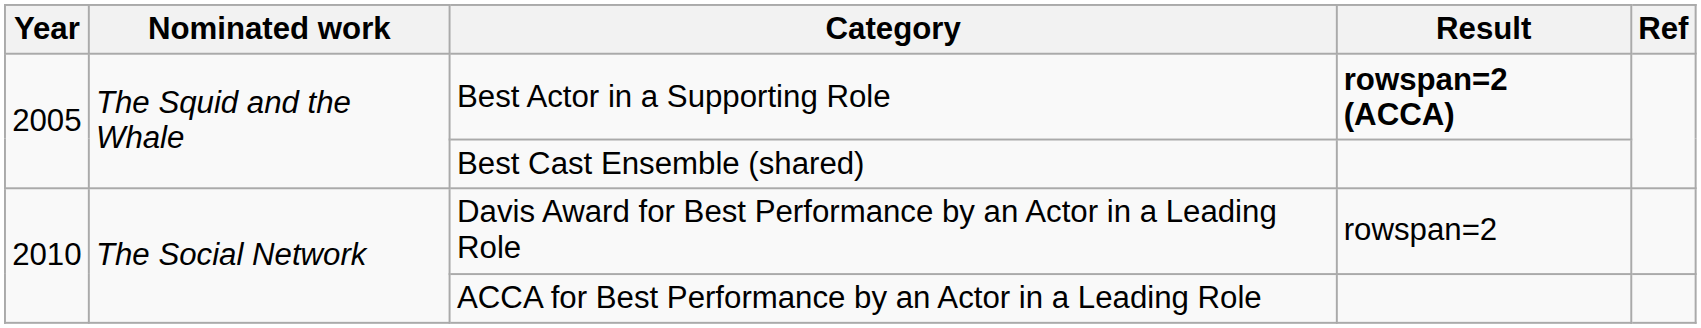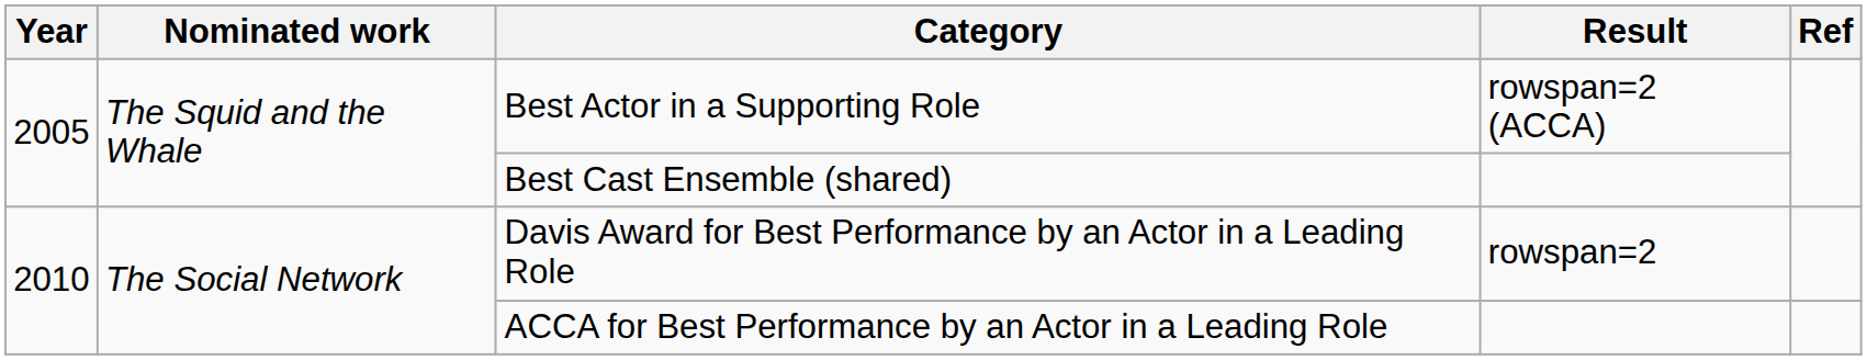 <table class="wikitable">
 <tr>
 <th>Year</th>
 <th>Nominated work</th>
 <th>Category</th>
 <th>Result</th>
 <th>Ref</th>
 </tr>
 <tr>
 <td rowspan=2>2005</td>
 <td rowspan=2><em>The Squid and the Whale</em></td>
 <td>Best Actor in a Supporting Role</td>
-<td><strong>rowspan=2  (ACCA)</strong></td>
+<td>rowspan=2  (ACCA)</td>
 <td rowspan=2></td>
 </tr>
 <tr>
 <td>Best Cast Ensemble (shared)</td>
 </tr>
 <tr>
 <td rowspan=2>2010</td>
 <td rowspan=2><em>The Social Network</em></td>
 <td>Davis Award for Best Performance by an Actor in a Leading Role</td>
 <td>rowspan=2 </td>
 <td></td>
 </tr>
 <tr>
 <td>ACCA for Best Performance by an Actor in a Leading Role</td>
 <td></td>
 </tr>
 </table>
